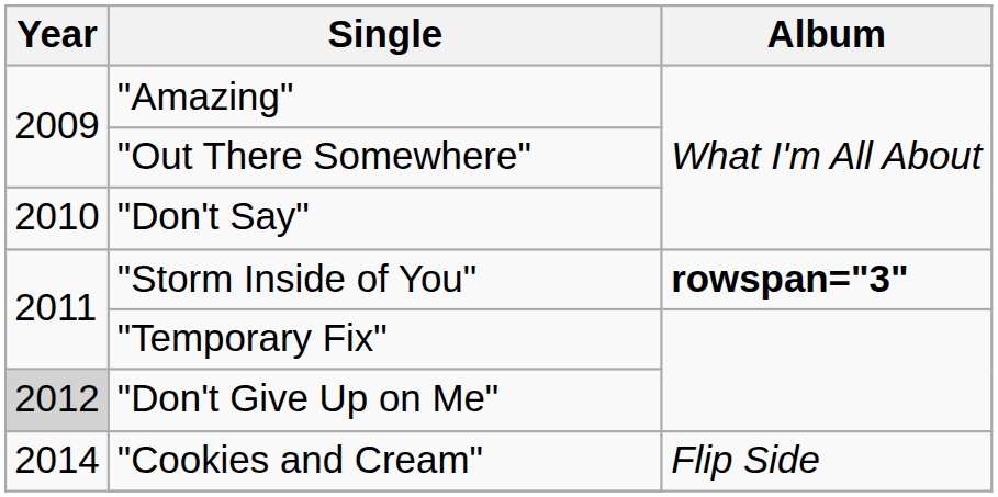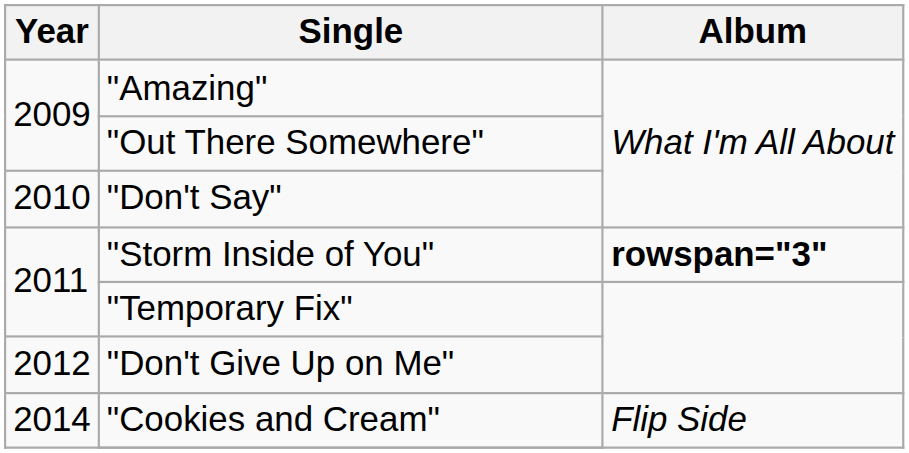 <table class="wikitable plainrowheaders">
 <tr>
 <th>Year</th>
 <th style="width:14em;">Single</th>
 <th>Album</th>
 </tr>
 <tr>
 <td rowspan="2">2009</td>
 <td>"Amazing"</td>
 <td rowspan="3"><em>What I'm All About</em></td>
 </tr>
 <tr>
 <td>"Out There Somewhere"</td>
 </tr>
 <tr>
 <td>2010</td>
 <td>"Don't Say"</td>
 </tr>
 <tr>
 <td rowspan="2">2011</td>
 <td>"Storm Inside of You"</td>
 <td><strong>rowspan="3" </strong></td>
 </tr>
 <tr>
 <td>"Temporary Fix"</td>
 </tr>
 <tr>
-<td style="background: lightgrey;">2012</td>
+<td>2012</td>
 <td>"Don't Give Up on Me"</td>
 </tr>
 <tr>
 <td rowspan="3">2014</td>
 <td>"Cookies and Cream"</td>
 <td rowspan="3"><em>Flip Side</em></td>
 </tr>
 <tr>
 </tr>
 </table>
